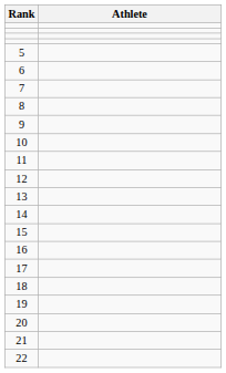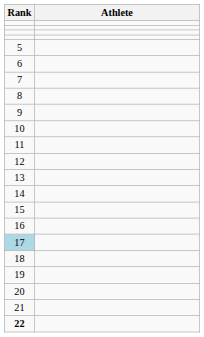 <table class="wikitable" style="text-align: center;">
 <tr>
 <th width=40>Rank</th>
 <th width=250>Athlete</th>
 </tr>
 <tr>
 <td></td>
 <td align=left></td>
 </tr>
 <tr>
 <td></td>
 <td align=left></td>
 </tr>
 <tr>
 <td></td>
 <td align=left></td>
 </tr>
 <tr>
 <td></td>
 <td align=left></td>
 </tr>
 <tr>
 <td>5</td>
 <td align=left></td>
 </tr>
 <tr>
 <td>6</td>
 <td align=left></td>
 </tr>
 <tr>
 <td>7</td>
 <td align=left></td>
 </tr>
 <tr>
 <td>8</td>
 <td align=left></td>
 </tr>
 <tr>
 <td>9</td>
 <td align=left></td>
 </tr>
 <tr>
 <td>10</td>
 <td align=left></td>
 </tr>
 <tr>
 <td>11</td>
 <td align=left></td>
 </tr>
 <tr>
 <td>12</td>
 <td align=left></td>
 </tr>
 <tr>
 <td>13</td>
 <td align=left></td>
 </tr>
 <tr>
 <td>14</td>
 <td align=left></td>
 </tr>
 <tr>
 <td>15</td>
 <td align=left></td>
 </tr>
 <tr>
 <td>16</td>
 <td align=left></td>
 </tr>
 <tr>
-<td>17</td>
+<td style="background: lightblue;">17</td>
 <td align=left></td>
 </tr>
 <tr>
 <td>18</td>
 <td align=left></td>
 </tr>
 <tr>
 <td>19</td>
 <td align=left></td>
 </tr>
 <tr>
 <td>20</td>
 <td align=left></td>
 </tr>
 <tr>
 <td>21</td>
 <td align=left></td>
 </tr>
 <tr>
-<td>22</td>
+<td><strong>22</strong></td>
 <td align=left></td>
 </tr>
 </table>
